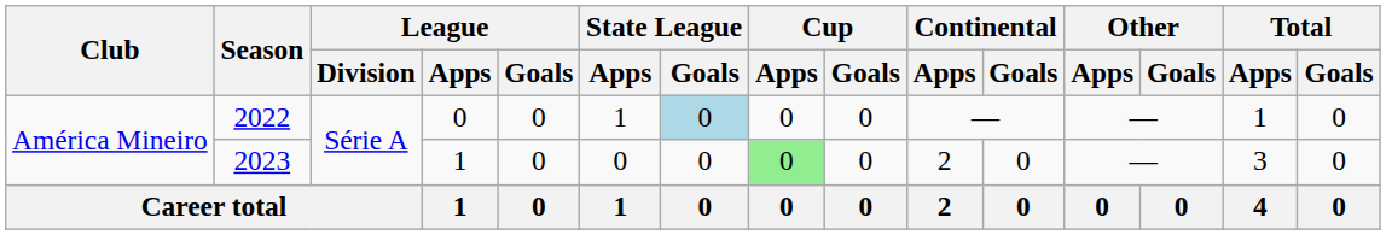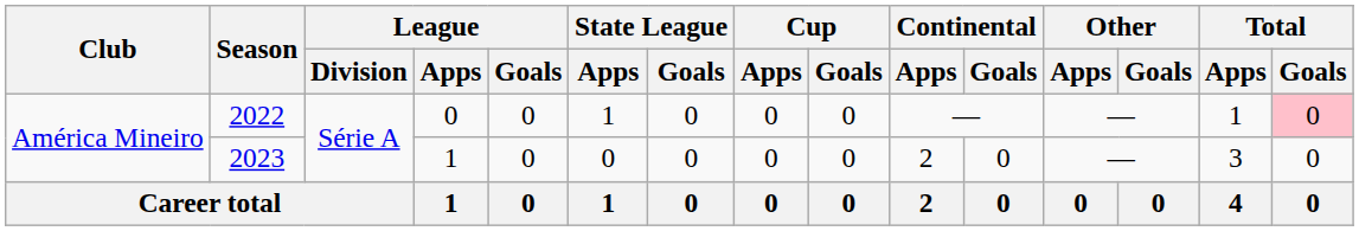 <table class="wikitable" style="text-align: center;">
 <tr>
 <th rowspan="2">Club</th>
 <th rowspan="2">Season</th>
 <th colspan="3">League</th>
 <th colspan="2">State League</th>
 <th colspan="2">Cup</th>
 <th colspan="2">Continental</th>
 <th colspan="2">Other</th>
 <th colspan="2">Total</th>
 </tr>
 <tr>
 <th>Division</th>
 <th>Apps</th>
 <th>Goals</th>
 <th>Apps</th>
 <th>Goals</th>
 <th>Apps</th>
 <th>Goals</th>
 <th>Apps</th>
 <th>Goals</th>
 <th>Apps</th>
 <th>Goals</th>
 <th>Apps</th>
 <th>Goals</th>
 </tr>
 <tr>
 <td rowspan=2><a href='#'>América Mineiro</a></td>
 <td><a href='#'>2022</a></td>
 <td rowspan=2><a href='#'>Série A</a></td>
 <td>0</td>
 <td>0</td>
 <td>1</td>
-<td style="background: lightblue;">0</td>
+<td>0</td>
 <td>0</td>
 <td>0</td>
 <td colspan=2>—</td>
 <td colspan=2>—</td>
 <td>1</td>
-<td>0</td>
+<td style="background: pink;">0</td>
 </tr>
 <tr>
 <td><a href='#'>2023</a></td>
 <td>1</td>
 <td>0</td>
 <td>0</td>
 <td>0</td>
-<td style="background: lightgreen;">0</td>
+<td>0</td>
 <td>0</td>
 <td>2</td>
 <td>0</td>
 <td colspan=2>—</td>
 <td>3</td>
 <td>0</td>
 </tr>
 <tr>
 <th colspan=3><strong>Career total</strong></th>
 <th>1</th>
 <th>0</th>
 <th>1</th>
 <th>0</th>
 <th>0</th>
 <th>0</th>
 <th>2</th>
 <th>0</th>
 <th>0</th>
 <th>0</th>
 <th>4</th>
 <th>0</th>
 </tr>
 </table>
